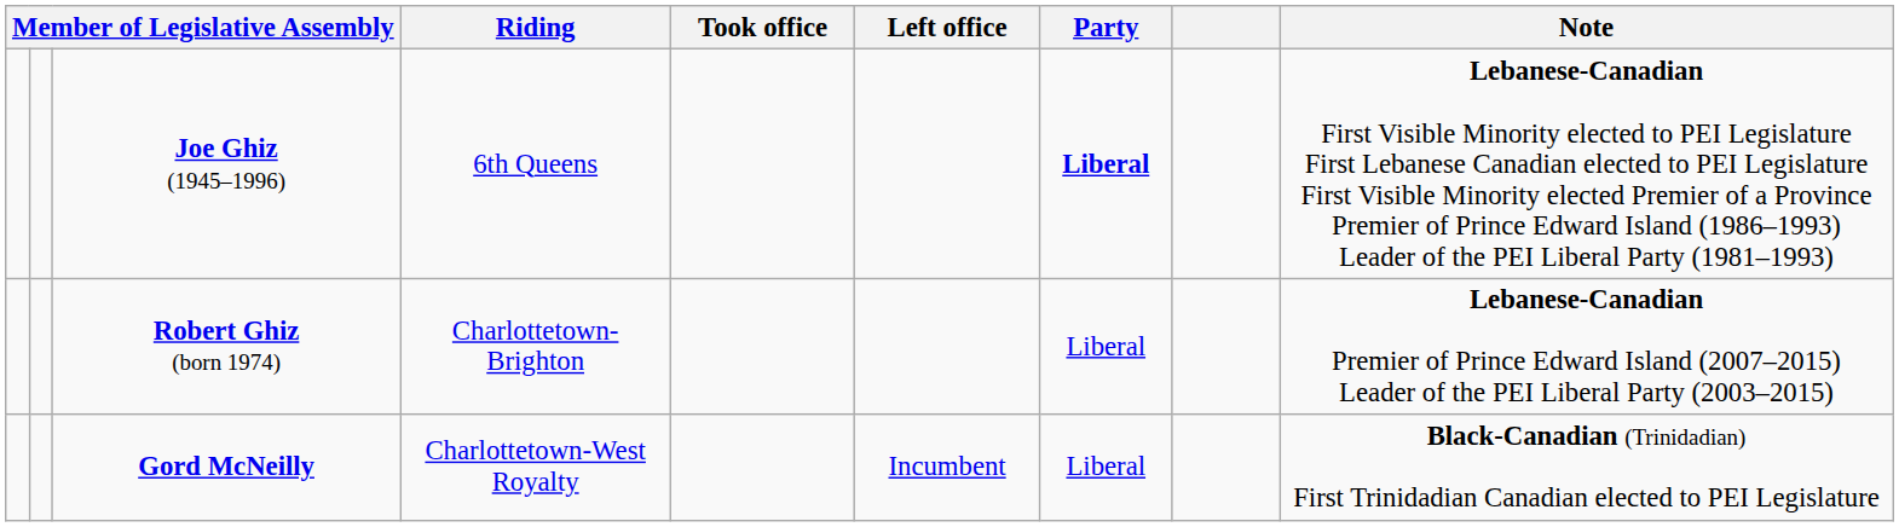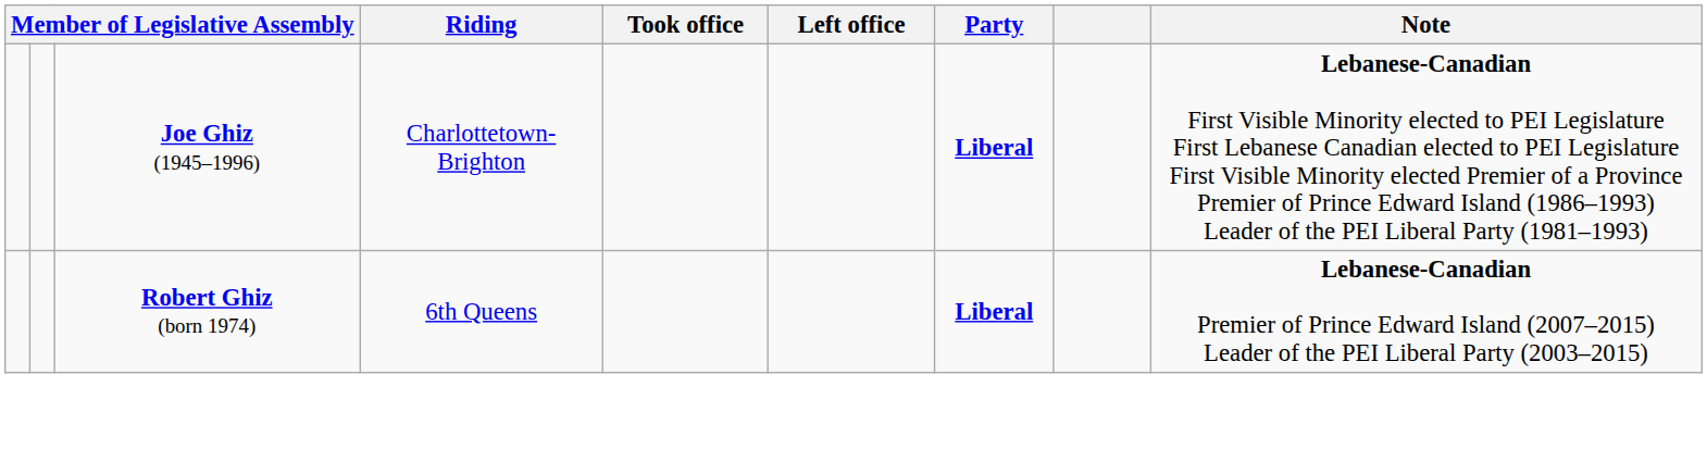 <table class="wikitable sortable plainrowheaders" style="text-align: center;">
 <tr>
 <th colspan="3" class=unsortable><a href='#'>Member of Legislative Assembly</a></th>
 <th scope="col" width=150px><a href='#'>Riding</a></th>
 <th scope="col" width=100px>Took office</th>
 <th scope="col" width=100px>Left office</th>
 <th scope="col" width=70px><a href='#'>Party</a></th>
 <th scope="col" class=unsortable width=55px></th>
 <th scope="col" class=unsortable width=350px>Note</th>
 </tr>
 <tr>
 <td rowspan="1" style="background:"></td>
 <td rowspan="1"></td>
 <td rowspan="1"><strong><a href='#'>Joe Ghiz</a></strong><br><small>(1945–1996)</small></td>
-<td rowspan="1"><a href='#'>6th Queens</a></td>
+<td rowspan="1"><a href='#'>Charlottetown-Brighton</a></td>
 <td rowspan="1"></td>
 <td rowspan="1"></td>
 <td rowspan="1"><strong><a href='#'>Liberal</a></strong></td>
 <td rowspan="1"></td>
 <td rowspan="1"><strong>Lebanese-Canadian</strong><br><br>First Visible Minority elected to PEI Legislature <br> First Lebanese Canadian elected to PEI Legislature <br> First Visible Minority elected Premier of a Province <br> Premier of Prince Edward Island (1986–1993) <br> Leader of the PEI Liberal Party (1981–1993)</td>
 </tr>
 <tr>
 <td rowspan="1" style="background:"></td>
 <td rowspan="1"></td>
 <td rowspan="1"><strong><a href='#'>Robert Ghiz</a></strong><br><small>(born 1974)</small></td>
-<td rowspan="1"><a href='#'>Charlottetown-Brighton</a></td>
+<td rowspan="1"><a href='#'>6th Queens</a></td>
 <td rowspan="1"></td>
 <td rowspan="1"></td>
-<td rowspan="1"><a href='#'>Liberal</a></td>
+<td rowspan="1"><strong><a href='#'>Liberal</a></strong></td>
 <td rowspan="1"></td>
 <td rowspan="1"><strong>Lebanese-Canadian</strong><br><br>Premier of Prince Edward Island (2007–2015) <br> Leader of the PEI Liberal Party (2003–2015)</td>
 </tr>
-<tr>
-<td rowspan="1" style="background:"></td>
-<td rowspan="1"></td>
-<td rowspan="1"><strong><a href='#'>Gord McNeilly</a></strong></td>
-<td rowspan="1"><a href='#'>Charlottetown-West Royalty</a></td>
-<td rowspan="1"></td>
-<td rowspan="1"><a href='#'>Incumbent</a></td>
-<td rowspan="1"><a href='#'>Liberal</a></td>
-<td rowspan="1"></td>
-<td rowspan="1"><strong>Black-Canadian</strong> <small>(Trinidadian)</small><br><br>First Trinidadian Canadian elected to PEI Legislature</td>
-</tr>
 </table>
